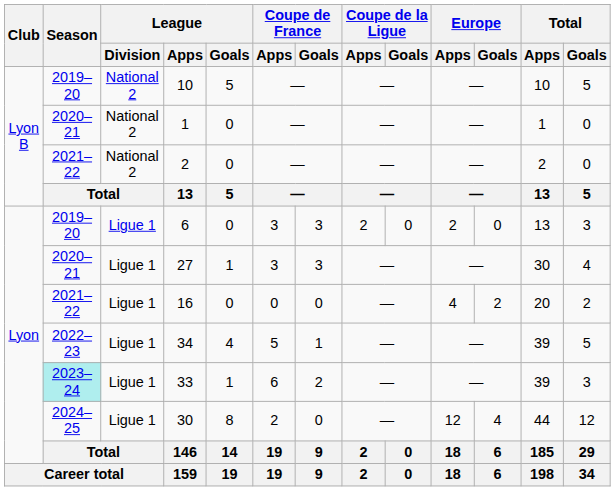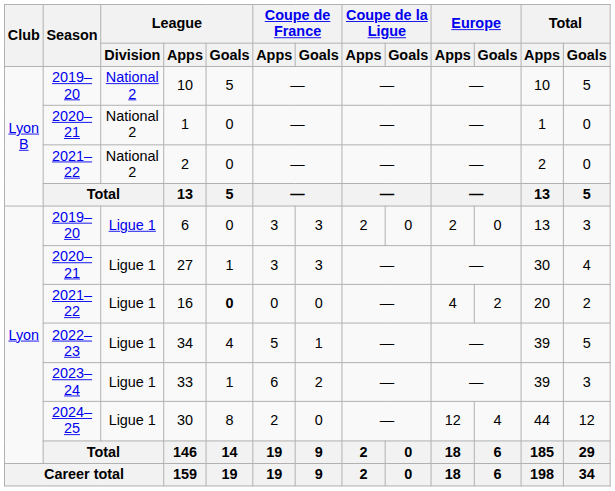 <table class="wikitable" style="text-align: center;">
 <tr>
 <th rowspan="2">Club</th>
 <th rowspan="2">Season</th>
 <th colspan="3">League</th>
 <th colspan="2"><a href='#'>Coupe de France</a></th>
 <th colspan="2"><a href='#'>Coupe de la Ligue</a></th>
 <th colspan="2"><a href='#'>Europe</a></th>
 <th colspan="2">Total</th>
 </tr>
 <tr>
 <th>Division</th>
 <th>Apps</th>
 <th>Goals</th>
 <th>Apps</th>
 <th>Goals</th>
 <th>Apps</th>
 <th>Goals</th>
 <th>Apps</th>
 <th>Goals</th>
 <th>Apps</th>
 <th>Goals</th>
 </tr>
 <tr>
 <td rowspan="4"><a href='#'>Lyon B</a></td>
 <td><a href='#'>2019–20</a></td>
 <td><a href='#'>National 2</a></td>
 <td>10</td>
 <td>5</td>
 <td colspan="2">—</td>
 <td colspan="2">—</td>
 <td colspan="2">—</td>
 <td>10</td>
 <td>5</td>
 </tr>
 <tr>
 <td><a href='#'>2020–21</a></td>
 <td>National 2</td>
 <td>1</td>
 <td>0</td>
 <td colspan="2">—</td>
 <td colspan="2">—</td>
 <td colspan="2">—</td>
 <td>1</td>
 <td>0</td>
 </tr>
 <tr>
 <td><a href='#'>2021–22</a></td>
 <td>National 2</td>
 <td>2</td>
 <td>0</td>
 <td colspan="2">—</td>
 <td colspan="2">—</td>
 <td colspan="2">—</td>
 <td>2</td>
 <td>0</td>
 </tr>
 <tr>
 <th colspan="2">Total</th>
 <th>13</th>
 <th>5</th>
 <th colspan="2">—</th>
 <th colspan="2">—</th>
 <th colspan="2">—</th>
 <th>13</th>
 <th>5</th>
 </tr>
 <tr>
 <td rowspan="7"><a href='#'>Lyon</a></td>
 <td><a href='#'>2019–20</a></td>
 <td><a href='#'>Ligue 1</a></td>
 <td>6</td>
 <td>0</td>
 <td>3</td>
 <td>3</td>
 <td>2</td>
 <td>0</td>
 <td>2</td>
 <td>0</td>
 <td>13</td>
 <td>3</td>
 </tr>
 <tr>
 <td><a href='#'>2020–21</a></td>
 <td>Ligue 1</td>
 <td>27</td>
 <td>1</td>
 <td>3</td>
 <td>3</td>
 <td colspan="2">—</td>
 <td colspan="2">—</td>
 <td>30</td>
 <td>4</td>
 </tr>
 <tr>
 <td><a href='#'>2021–22</a></td>
 <td>Ligue 1</td>
 <td>16</td>
-<td>0</td>
+<td><strong>0</strong></td>
 <td>0</td>
 <td>0</td>
 <td colspan="2">—</td>
 <td>4</td>
 <td>2</td>
 <td>20</td>
 <td>2</td>
 </tr>
 <tr>
 <td><a href='#'>2022–23</a></td>
 <td>Ligue 1</td>
 <td>34</td>
 <td>4</td>
 <td>5</td>
 <td>1</td>
 <td colspan="2">—</td>
 <td colspan="2">—</td>
 <td>39</td>
 <td>5</td>
 </tr>
 <tr>
-<td style="background: paleturquoise;"><a href='#'>2023–24</a></td>
+<td><a href='#'>2023–24</a></td>
 <td>Ligue 1</td>
 <td>33</td>
 <td>1</td>
 <td>6</td>
 <td>2</td>
 <td colspan="2">—</td>
 <td colspan="2">—</td>
 <td>39</td>
 <td>3</td>
 </tr>
 <tr>
 <td><a href='#'>2024–25</a></td>
 <td>Ligue 1</td>
 <td>30</td>
 <td>8</td>
 <td>2</td>
 <td>0</td>
 <td colspan="2">—</td>
 <td>12</td>
 <td>4</td>
 <td>44</td>
 <td>12</td>
 </tr>
 <tr>
 <th colspan="2">Total</th>
 <th>146</th>
 <th>14</th>
 <th>19</th>
 <th>9</th>
 <th>2</th>
 <th>0</th>
 <th>18</th>
 <th>6</th>
 <th>185</th>
 <th>29</th>
 </tr>
 <tr>
 <th colspan="3">Career total</th>
 <th>159</th>
 <th>19</th>
 <th>19</th>
 <th>9</th>
 <th>2</th>
 <th>0</th>
 <th>18</th>
 <th>6</th>
 <th>198</th>
 <th>34</th>
 </tr>
 </table>
